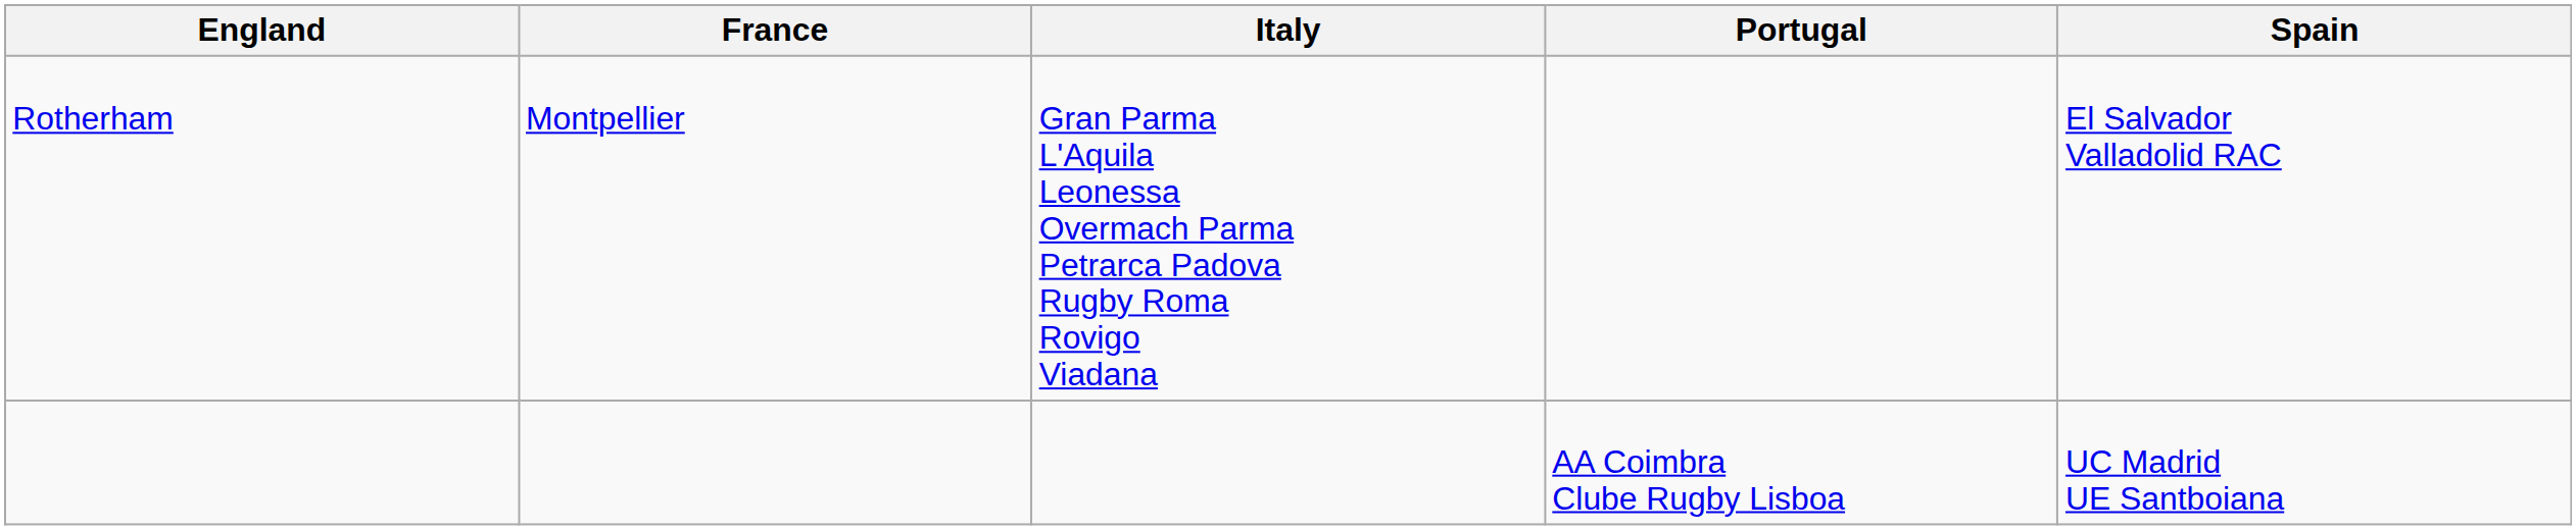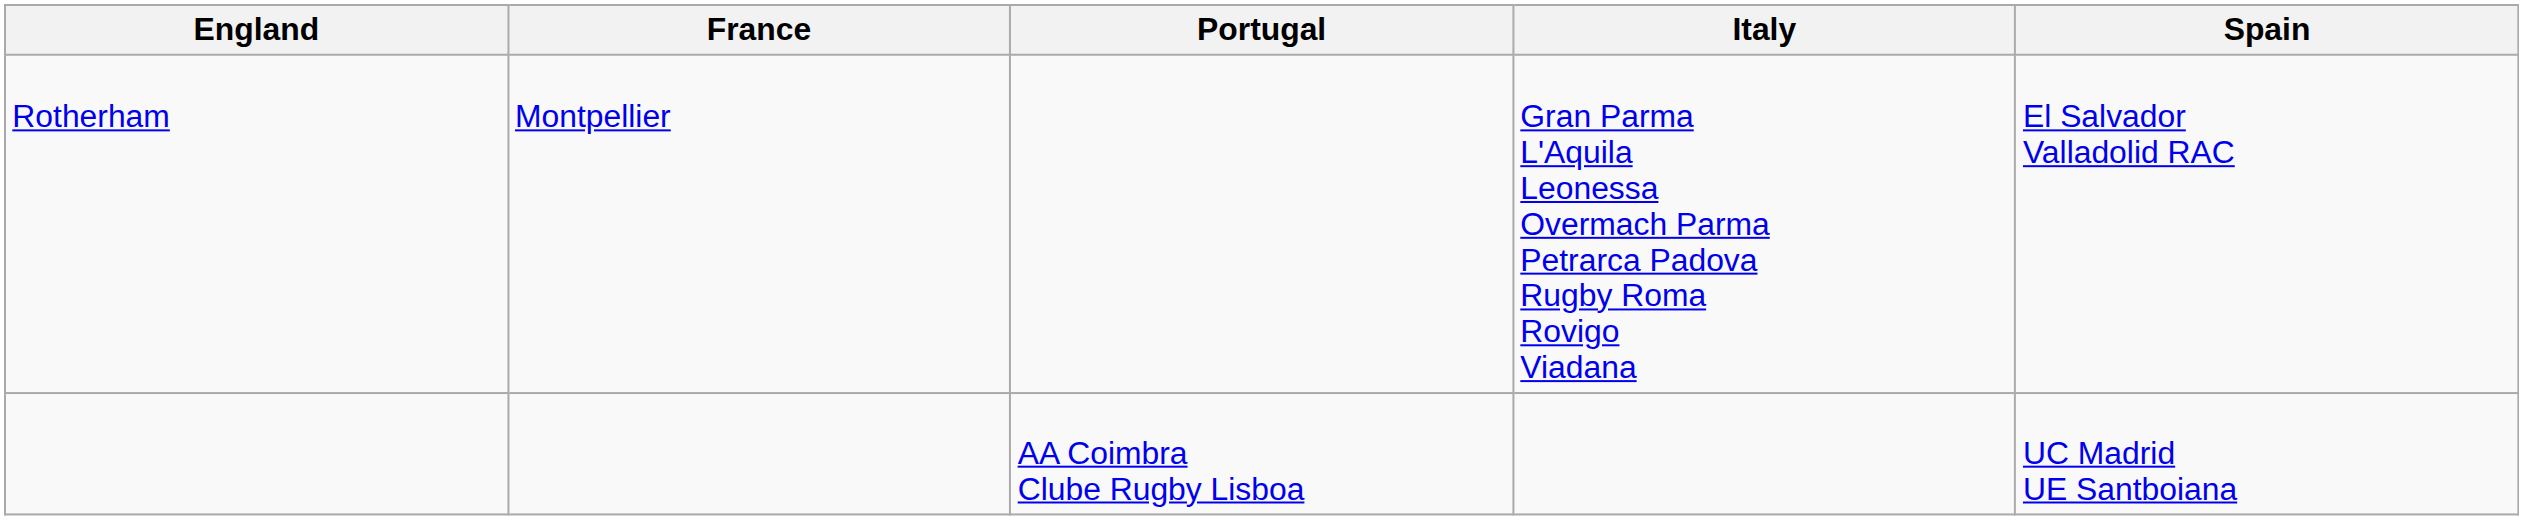 <table class="wikitable" style="width:100%;">
 <tr>
 <th width=20%> England</th>
 <th width=20%> France</th>
+<th width=20%> Portugal</th>
 <th width=20%> Italy</th>
-<th width=20%> Portugal</th>
 <th width=20%> Spain</th>
 </tr>
 <tr valign=top>
 <td><br><a href='#'>Rotherham</a></td>
 <td><br><a href='#'>Montpellier</a></td>
+<td></td>
 <td><br><a href='#'>Gran Parma</a><br> <a href='#'>L'Aquila</a><br> <a href='#'>Leonessa</a><br> <a href='#'>Overmach Parma</a><br> <a href='#'>Petrarca Padova</a><br> <a href='#'>Rugby Roma</a><br> <a href='#'>Rovigo</a><br> <a href='#'>Viadana</a></td>
-<td></td>
 <td><br><a href='#'>El Salvador</a><br> <a href='#'>Valladolid RAC</a></td>
 </tr>
 <tr valign=top>
 <td></td>
 <td></td>
+<td><br><a href='#'>AA Coimbra</a><br> <a href='#'>Clube Rugby Lisboa</a></td>
 <td></td>
-<td><br><a href='#'>AA Coimbra</a><br> <a href='#'>Clube Rugby Lisboa</a></td>
 <td><br><a href='#'>UC Madrid</a><br> <a href='#'>UE Santboiana</a></td>
 </tr>
 </table>
